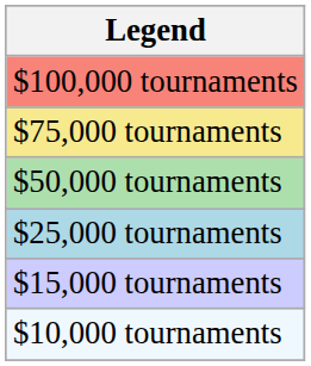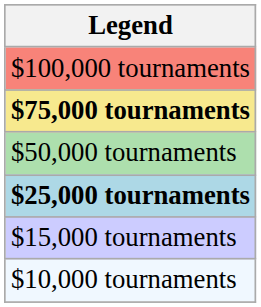 <table class="wikitable sortable mw-collapsible mw-collapsed">
 <tr>
 <th>Legend</th>
 </tr>
 <tr style="background:#f88379;">
 <td>$100,000 tournaments</td>
 </tr>
 <tr style="background:#f7e98e;">
-<td>$75,000 tournaments</td>
+<td><strong>$75,000 tournaments</strong></td>
 </tr>
 <tr style="background:#addfad;">
 <td>$50,000 tournaments</td>
 </tr>
 <tr style="background:lightblue;">
-<td>$25,000 tournaments</td>
+<td><strong>$25,000 tournaments</strong></td>
 </tr>
 <tr style="background:#ccccff;">
 <td>$15,000 tournaments</td>
 </tr>
 <tr style="background:#f0f8ff;">
 <td>$10,000 tournaments</td>
 </tr>
 </table>
